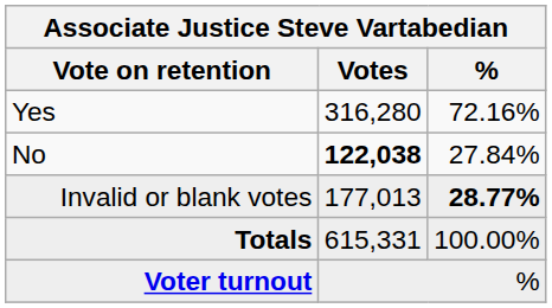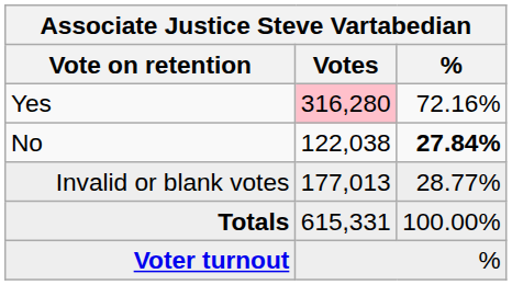 <table class="wikitable" style="font-size: 95%;">
 <tr style="background-color:#E9E9E9">
 <th colspan=7>Associate Justice Steve Vartabedian</th>
 </tr>
 <tr style="background-color:#E9E9E9">
 <th style="width: 170px">Vote on retention</th>
 <th style="width: 50px">Votes</th>
 <th style="width: 40px">%</th>
 </tr>
 <tr>
 <td>Yes</td>
-<td align="right">316,280</td>
+<td align="right" style="background: pink;">316,280</td>
 <td align="right">72.16%</td>
 </tr>
 <tr>
 <td>No</td>
-<td align="right"><strong>122,038</strong></td>
-<td align="right">27.84%</td>
+<td align="right">122,038</td>
+<td align="right"><strong>27.84%</strong></td>
 </tr>
 <tr style="background-color:#EEEEEE">
 <td align="right">Invalid or blank votes</td>
 <td align="right">177,013</td>
-<td align="right"><strong>28.77%</strong></td>
+<td align="right">28.77%</td>
 </tr>
 <tr style="background-color:#EEEEEE">
 <td colspan="1" align="right"><strong>Totals</strong></td>
 <td align="right">615,331</td>
 <td align="right">100.00%</td>
 </tr>
 <tr style="background-color:#EEEEEE">
 <td align="right"><strong><a href='#'>Voter turnout</a></strong></td>
 <td colspan="2" align="right">%</td>
 </tr>
 </table>
